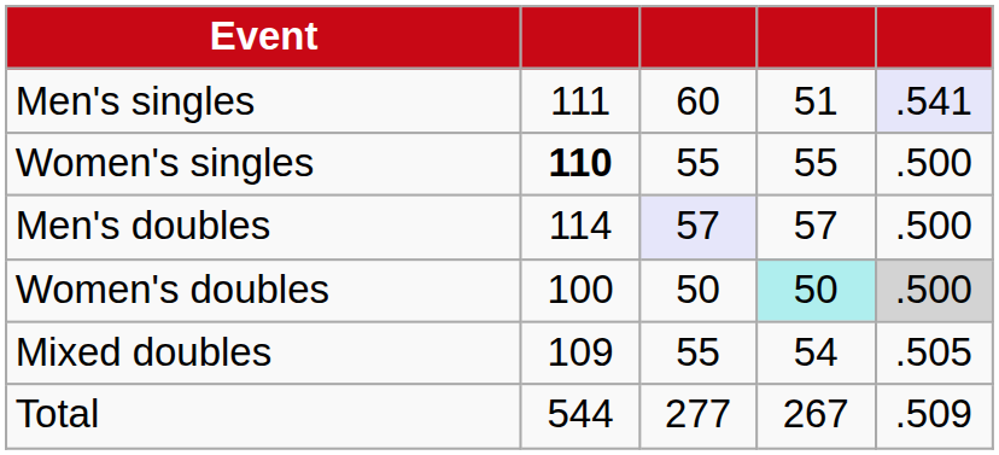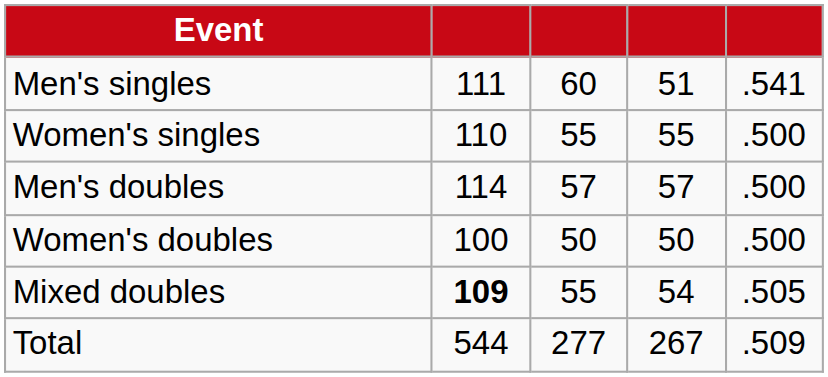 <table class="wikitable" style="text-align:center">
 <tr>
 <th style="background:#C80815; color:white" width="200px">Event</th>
 <th style="background:#C80815; color:white" width="40px"></th>
 <th style="background:#C80815; color:white" width="40px"></th>
 <th style="background:#C80815; color:white" width="40px"></th>
 <th style="background:#C80815; color:white" width="40px"></th>
 </tr>
 <tr>
 <td style="text-align:left">Men's singles</td>
 <td>111</td>
 <td>60</td>
 <td>51</td>
-<td style="background: lavender;">.541</td>
+<td>.541</td>
 </tr>
 <tr>
 <td style="text-align:left">Women's singles</td>
-<td><strong>110</strong></td>
+<td>110</td>
 <td>55</td>
 <td>55</td>
 <td>.500</td>
 </tr>
 <tr>
 <td style="text-align:left">Men's doubles</td>
 <td>114</td>
-<td style="background: lavender;">57</td>
+<td>57</td>
 <td>57</td>
 <td>.500</td>
 </tr>
 <tr>
 <td style="text-align:left">Women's doubles</td>
 <td>100</td>
 <td>50</td>
-<td style="background: paleturquoise;">50</td>
-<td style="background: lightgrey;">.500</td>
+<td>50</td>
+<td>.500</td>
 </tr>
 <tr>
 <td style="text-align:left">Mixed doubles</td>
-<td>109</td>
+<td><strong>109</strong></td>
 <td>55</td>
 <td>54</td>
 <td>.505</td>
 </tr>
 <tr>
 <td style="text-align:left">Total</td>
 <td>544</td>
 <td>277</td>
 <td>267</td>
 <td>.509</td>
 </tr>
 </table>
